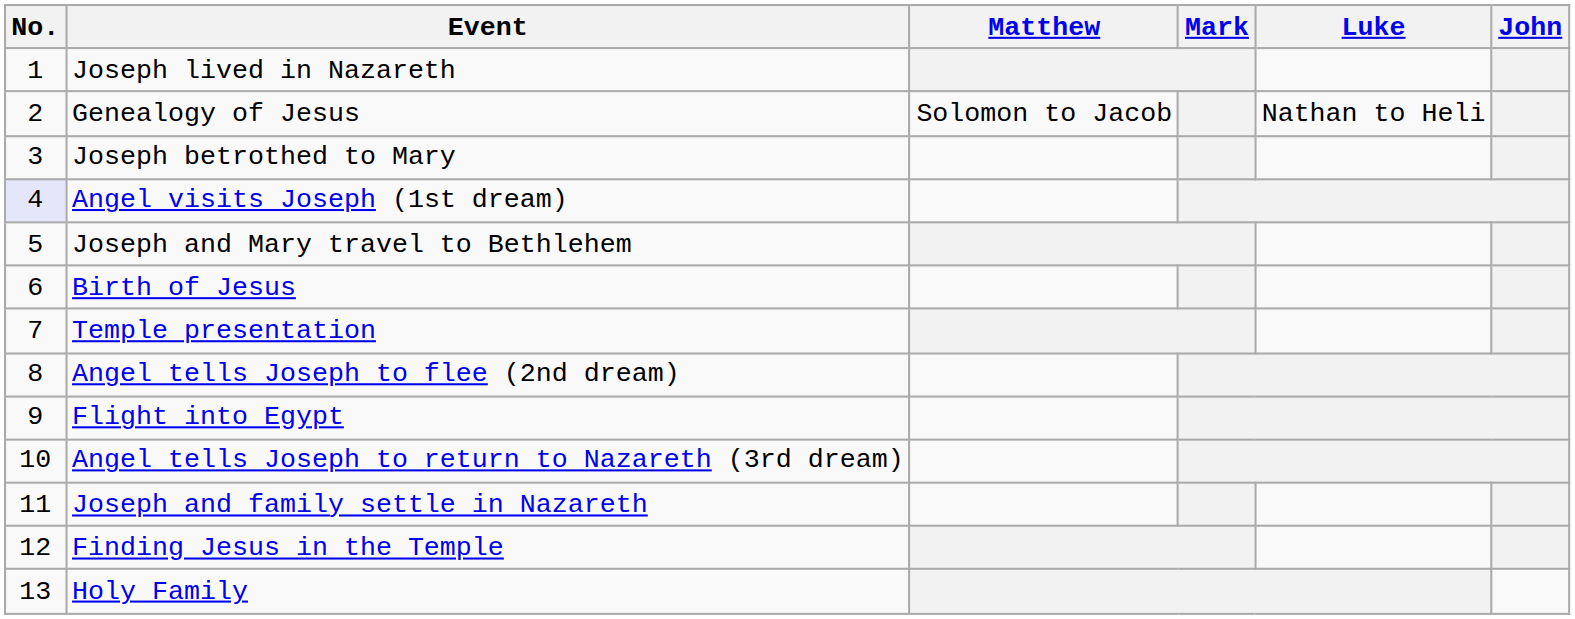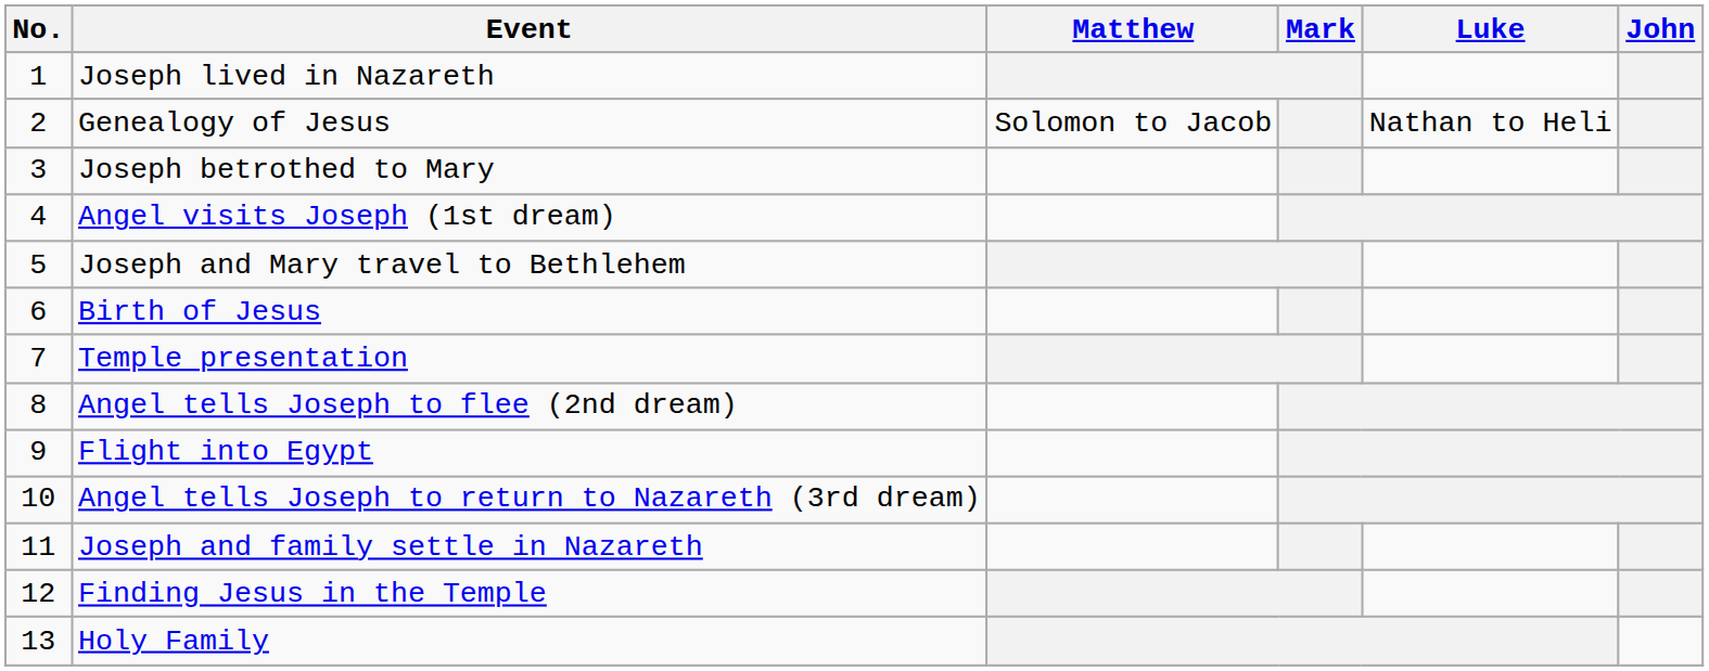 <table border=1 class="wikitable sortable"; border="1" cellpadding="3" ||>
 <tr>
 <th>No.</th>
 <th>Event</th>
 <th><a href='#'>Matthew</a></th>
 <th><a href='#'>Mark</a></th>
 <th><a href='#'>Luke</a></th>
 <th><a href='#'>John</a></th>
 </tr>
 <tr>
 <td align=center>1</td>
 <td>Joseph lived in Nazareth</td>
 <th colspan=2></th>
 <td></td>
 <th></th>
 </tr>
 <tr>
 <td align=center>2</td>
 <td>Genealogy of Jesus</td>
 <td> Solomon to Jacob</td>
 <th></th>
 <td> Nathan to Heli</td>
 <th></th>
 </tr>
 <tr>
 <td align=center>3</td>
 <td>Joseph betrothed to Mary</td>
 <td></td>
 <th></th>
 <td></td>
 <th></th>
 </tr>
 <tr>
-<td align=center style="background: lavender;">4</td>
+<td align=center>4</td>
 <td><a href='#'>Angel visits Joseph</a> (1st dream)</td>
 <td></td>
 <th colspan=3></th>
 </tr>
 <tr>
 <td align=center>5</td>
 <td>Joseph and Mary travel to Bethlehem</td>
 <th colspan=2></th>
 <td></td>
 <th></th>
 </tr>
 <tr>
 <td align=center>6</td>
 <td><a href='#'>Birth of Jesus</a></td>
 <td></td>
 <th></th>
 <td></td>
 <th></th>
 </tr>
 <tr>
 <td align=center>7</td>
 <td><a href='#'>Temple presentation</a></td>
 <th colspan=2></th>
 <td></td>
 <th></th>
 </tr>
 <tr>
 <td align=center>8</td>
 <td><a href='#'>Angel tells Joseph to flee</a> (2nd dream)</td>
 <td></td>
 <th colspan=3></th>
 </tr>
 <tr>
 <td align=center>9</td>
 <td><a href='#'>Flight into Egypt</a></td>
 <td></td>
 <th colspan=3></th>
 </tr>
 <tr>
 <td align=center>10</td>
 <td><a href='#'>Angel tells Joseph to return to Nazareth</a> (3rd dream)</td>
 <td></td>
 <th colspan=3></th>
 </tr>
 <tr>
 <td align=center>11</td>
 <td><a href='#'>Joseph and family settle in Nazareth</a></td>
 <td></td>
 <th></th>
 <td></td>
 <th></th>
 </tr>
 <tr>
 <td align=center>12</td>
 <td><a href='#'>Finding Jesus in the Temple</a></td>
 <th colspan=2></th>
 <td></td>
 <th></th>
 </tr>
 <tr>
 <td align=center>13</td>
 <td><a href='#'>Holy Family</a></td>
 <th colspan=3></th>
 <td></td>
 </tr>
 </table>
